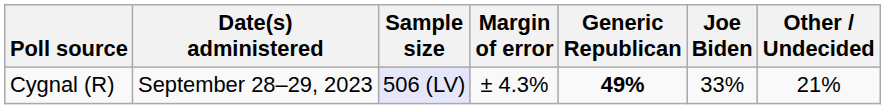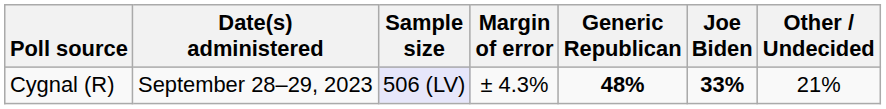 <table class="wikitable sortable mw-datatable" style="font-size:90%;text-align:center;line-height:17px">
 <tr valign=bottom>
 <th>Poll source</th>
 <th>Date(s)<br>administered</th>
 <th>Sample<br>size</th>
 <th>Margin<br>of error</th>
 <th class="unsortable">Generic<br>Republican<br></th>
 <th class="unsortable">Joe<br>Biden<br></th>
 <th class="unsortable">Other /<br>Undecided</th>
 </tr>
 <tr>
 <td style="text-align:left;">Cygnal (R)</td>
 <td data-sort-value=2023-09-29>September 28–29, 2023</td>
 <td style="background: lavender;">506 (LV)</td>
 <td>± 4.3%</td>
-<td style="background-color:"><strong>49%</strong></td>
-<td>33%</td>
+<td style="background-color:"><strong>48%</strong></td>
+<td><strong>33%</strong></td>
 <td>21%</td>
 </tr>
 </table>
